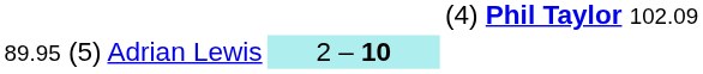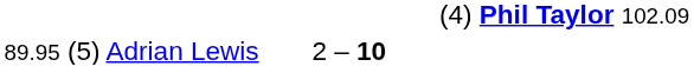 <table style="text-align:center">
 <tr>
 <th width=223></th>
 <th width=100></th>
 <th width=223></th>
 </tr>
 <tr>
 <td align=right></td>
 <td></td>
 <td align=left>(4)  <strong><a href='#'>Phil Taylor</a></strong> <small>102.09</small></td>
 </tr>
 <tr>
 <td align=right><small>89.95</small> (5) <a href='#'>Adrian Lewis</a> </td>
-<td style="background: paleturquoise;">2 – <strong>10</strong></td>
+<td>2 – <strong>10</strong></td>
 <td align=left></td>
 </tr>
 </table>
